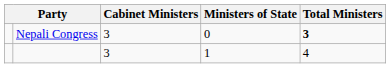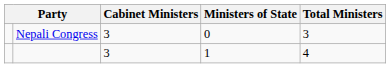 <table class="wikitable">
 <tr>
 <th colspan="2">Party</th>
 <th>Cabinet Ministers</th>
 <th>Ministers of State</th>
 <th>Total Ministers</th>
 </tr>
 <tr>
 <td width="4px"></td>
 <td><a href='#'>Nepali Congress</a></td>
 <td>3</td>
 <td>0</td>
-<td><strong>3</strong></td>
+<td>3</td>
 </tr>
 <tr>
 <td></td>
 <td></td>
 <td>3</td>
 <td>1</td>
 <td>4</td>
 </tr>
 </table>
